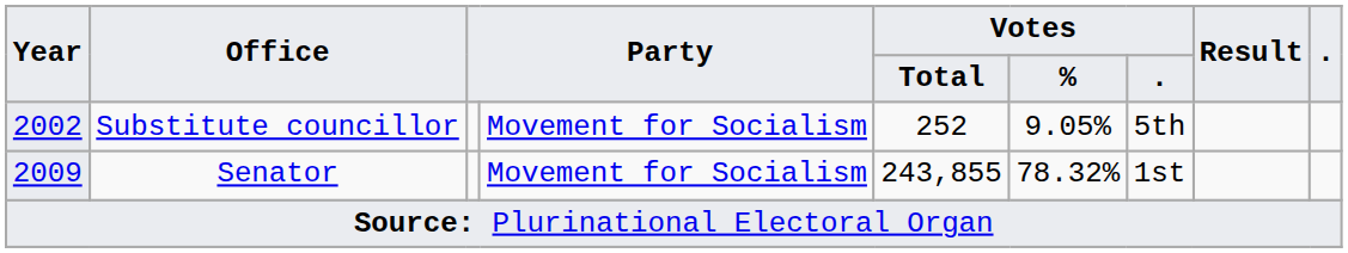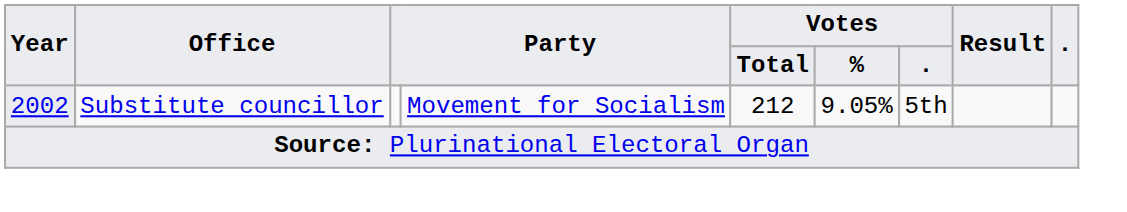 <table class="wikitable" style="font-size:90%; text-align:center;">
 <tr>
 <th style="background-color:#EAECF0;" rowspan=2>Year</th>
 <th style="background-color:#EAECF0;" rowspan=2>Office</th>
 <th style="background-color:#EAECF0;" colspan=2 rowspan=2>Party</th>
 <th style="background-color:#EAECF0;" colspan=3>Votes</th>
 <th style="background-color:#EAECF0;" rowspan=2>Result</th>
 <th style="background-color:#EAECF0;" rowspan=2>.</th>
 </tr>
 <tr>
 <th style="background-color:#EAECF0;">Total</th>
 <th style="background-color:#EAECF0;">%</th>
 <th style="background-color:#EAECF0;">.</th>
 </tr>
 <tr>
 <td style="background-color:#EAECF0;"><a href='#'>2002</a></td>
 <td><a href='#'>Substitute councillor</a></td>
 <td style="background-color:"></td>
 <td><a href='#'>Movement for Socialism</a></td>
-<td>252</td>
+<td>212</td>
 <td>9.05%</td>
 <td>5th</td>
-<td></td>
-<td></td>
-</tr>
-<tr>
-<td style="background-color:#EAECF0;"><a href='#'>2009</a></td>
-<td><a href='#'>Senator</a></td>
-<td style="background-color:"></td>
-<td><a href='#'>Movement for Socialism</a></td>
-<td>243,855</td>
-<td>78.32%</td>
-<td>1st</td>
 <td></td>
 <td></td>
 </tr>
 <tr>
 <td style="background-color:#EAECF0;" colspan=9><strong>Source:</strong> <a href='#'>Plurinational Electoral Organ</a>  </td>
 </tr>
 </table>
